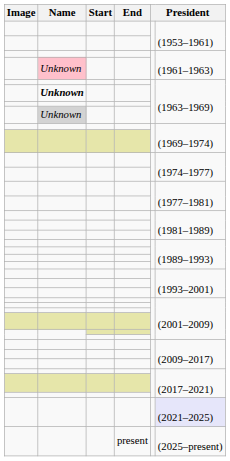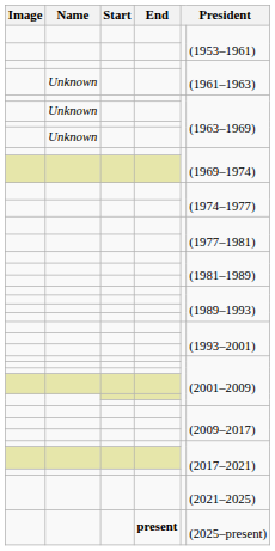 <table class="wikitable sortable">
 <tr>
 <th class=unsortable>Image</th>
 <th>Name</th>
 <th>Start</th>
 <th>End</th>
 <th colspan=2>President</th>
 </tr>
 <tr>
 <td></td>
 <td></td>
 <td></td>
 <td></td>
 <td rowspan=2 style="background: "></td>
 <td rowspan=2><br>(1953–1961)</td>
 </tr>
 <tr>
 <td></td>
 <td></td>
 <td></td>
 <td></td>
 </tr>
 <tr>
 <td></td>
 <td></td>
 <td></td>
 <td></td>
 <td rowspan=2 style="background: "></td>
 <td rowspan=2><br>(1961–1963)</td>
 </tr>
 <tr>
 <td></td>
-<td style="background: pink;"><em>Unknown</em></td>
+<td><em>Unknown</em></td>
 <td></td>
 <td></td>
 </tr>
 <tr>
 <td></td>
 <td></td>
 <td></td>
 <td></td>
 <td rowspan=4 style="background: "></td>
 <td rowspan=4><br>(1963–1969)</td>
 </tr>
 <tr>
 <td></td>
-<td><strong><em>Unknown</em></strong></td>
+<td><em>Unknown</em></td>
 <td></td>
 <td></td>
 </tr>
 <tr>
 <td></td>
 <td></td>
 <td></td>
 <td></td>
 </tr>
 <tr>
 <td></td>
-<td style="background: lightgrey;"><em>Unknown</em></td>
+<td><em>Unknown</em></td>
 <td></td>
 <td></td>
 </tr>
 <tr>
 <td></td>
 <td></td>
 <td></td>
 <td></td>
 <td rowspan=2 style="background: "></td>
 <td rowspan=2><br>(1969–1974)</td>
 </tr>
 <tr bgcolor="#e6e6aa">
 <td></td>
 <td><br></td>
 <td></td>
 <td></td>
 </tr>
 <tr>
 <td></td>
 <td></td>
 <td></td>
 <td></td>
 <td rowspan=2 style="background: "></td>
 <td rowspan=2><br>(1974–1977)</td>
 </tr>
 <tr>
 <td></td>
 <td></td>
 <td></td>
 <td></td>
 </tr>
 <tr>
 <td></td>
 <td></td>
 <td></td>
 <td></td>
 <td rowspan=2 style="background: "></td>
 <td rowspan=2><br>(1977–1981)</td>
 </tr>
 <tr>
 <td></td>
 <td></td>
 <td></td>
 <td></td>
 </tr>
 <tr>
 <td></td>
 <td></td>
 <td></td>
 <td></td>
 <td rowspan=3 style="background: "></td>
 <td rowspan=3><br>(1981–1989)</td>
 </tr>
 <tr>
 <td></td>
 <td></td>
 <td></td>
 <td></td>
 </tr>
 <tr>
 <td></td>
 <td></td>
 <td></td>
 <td></td>
 </tr>
 <tr>
 <td></td>
 <td></td>
 <td></td>
 <td></td>
 <td rowspan=4 style="background: "></td>
 <td rowspan=4><br>(1989–1993)</td>
 </tr>
 <tr>
 <td></td>
 <td></td>
 <td></td>
 <td></td>
 </tr>
 <tr>
 <td></td>
 <td></td>
 <td></td>
 <td></td>
 </tr>
 <tr>
 <td></td>
 <td></td>
 <td></td>
 <td></td>
 </tr>
 <tr>
 <td></td>
 <td></td>
 <td></td>
 <td></td>
 <td rowspan=3 style="background: "></td>
 <td rowspan=3><br>(1993–2001)</td>
 </tr>
 <tr>
 <td></td>
 <td></td>
 <td></td>
 <td></td>
 </tr>
 <tr>
 <td></td>
 <td></td>
 <td></td>
 <td></td>
 </tr>
 <tr>
 <td></td>
 <td></td>
 <td></td>
 <td></td>
 <td rowspan=6 style="background: "></td>
 <td rowspan=6><br>(2001–2009)</td>
 </tr>
 <tr>
 <td></td>
 <td></td>
 <td></td>
 <td></td>
 </tr>
 <tr>
 <td></td>
 <td></td>
 <td></td>
 <td></td>
 </tr>
 <tr bgcolor="#e6e6aa">
 <td></td>
 <td><br></td>
 <td></td>
 <td></td>
 </tr>
 <tr>
 <td rowspan=2></td>
 <td rowspan=2></td>
 <td style="background-color:#E6E6AA;"></td>
 <td style="background-color:#E6E6AA;"></td>
 </tr>
 <tr>
 <td></td>
 <td></td>
 </tr>
 <tr>
 <td></td>
 <td></td>
 <td></td>
 <td></td>
 <td rowspan=3 style="background: "></td>
 <td rowspan=3><br>(2009–2017)</td>
 </tr>
 <tr>
 <td></td>
 <td></td>
 <td></td>
 <td></td>
 </tr>
 <tr>
 <td></td>
 <td></td>
 <td></td>
 <td></td>
 </tr>
 <tr>
 <td></td>
 <td></td>
 <td></td>
 <td></td>
 <td rowspan=3 style="background: "></td>
 <td rowspan=3><br>(2017–2021)</td>
 </tr>
 <tr bgcolor="#e6e6aa">
 <td></td>
 <td><br></td>
 <td></td>
 <td></td>
 </tr>
 <tr>
 <td></td>
 <td></td>
 <td></td>
 <td></td>
 </tr>
 <tr>
 <td></td>
 <td></td>
 <td></td>
 <td></td>
 <td style="background: "></td>
-<td style="background: lavender;"><br>(2021–2025)</td>
+<td><br>(2021–2025)</td>
 </tr>
 <tr>
 <td></td>
 <td></td>
 <td></td>
-<td>present</td>
+<td><strong>present</strong></td>
 <td style="background: "></td>
 <td><br>(2025–present)</td>
 </tr>
 </table>
